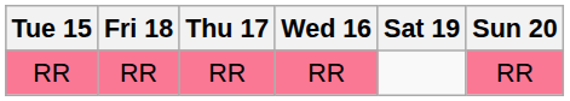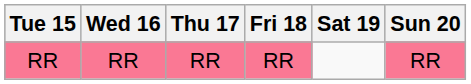 <table class="wikitable" style="margin:0.5em auto; font-size:90%; line-height:1.25em; text-align:center">
 <tr>
 <th>Tue 15</th>
+<th>Wed 16</th>
+<th>Thu 17</th>
 <th>Fri 18</th>
-<th>Thu 17</th>
-<th>Wed 16</th>
 <th>Sat 19</th>
 <th>Sun 20</th>
 </tr>
 <tr>
 <td bgcolor="#FA7894">RR</td>
 <td bgcolor="#FA7894">RR</td>
 <td bgcolor="#FA7894">RR</td>
 <td bgcolor="#FA7894">RR</td>
 <td></td>
 <td bgcolor="#FA7894">RR</td>
 </tr>
 </table>
